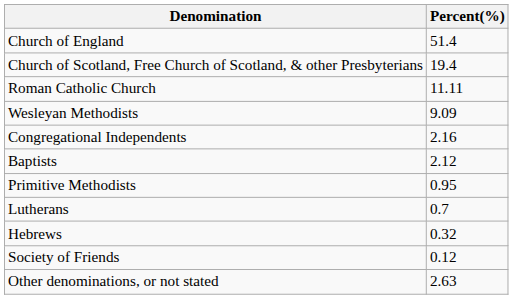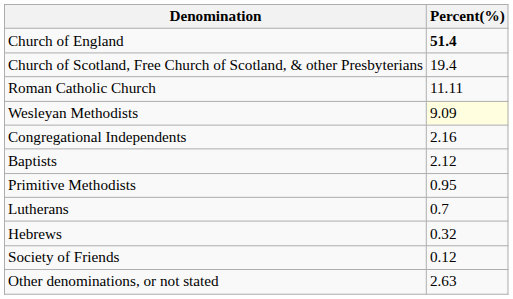 <table class="wikitable">
 <tr>
 <th>Denomination</th>
 <th>Percent(%)</th>
 </tr>
 <tr>
 <td>Church of England</td>
-<td>51.4</td>
+<td><strong>51.4</strong></td>
 </tr>
 <tr>
 <td>Church of Scotland, Free Church of Scotland, & other Presbyterians</td>
 <td>19.4</td>
 </tr>
 <tr>
 <td>Roman Catholic Church</td>
 <td>11.11</td>
 </tr>
 <tr>
 <td>Wesleyan Methodists</td>
-<td>9.09</td>
+<td style="background: lightyellow;">9.09</td>
 </tr>
 <tr>
 <td>Congregational Independents</td>
 <td>2.16</td>
 </tr>
 <tr>
 <td>Baptists</td>
 <td>2.12</td>
 </tr>
 <tr>
 <td>Primitive Methodists</td>
 <td>0.95</td>
 </tr>
 <tr>
 <td>Lutherans</td>
 <td>0.7</td>
 </tr>
 <tr>
 <td>Hebrews</td>
 <td>0.32</td>
 </tr>
 <tr>
 <td>Society of Friends</td>
 <td>0.12</td>
 </tr>
 <tr>
 <td>Other denominations, or not stated</td>
 <td>2.63</td>
 </tr>
 </table>
